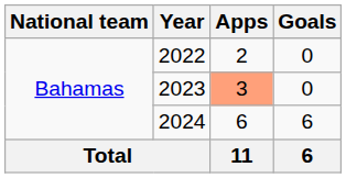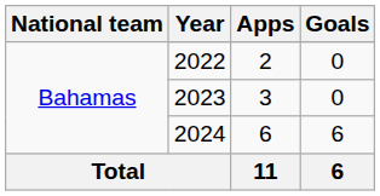 <table class="wikitable" style="text-align:center">
 <tr>
 <th>National team</th>
 <th>Year</th>
 <th>Apps</th>
 <th>Goals</th>
 </tr>
 <tr>
 <td rowspan=4><a href='#'>Bahamas</a></td>
 </tr>
 <tr>
 <td>2022</td>
 <td>2</td>
 <td>0</td>
 </tr>
 <tr>
 <td>2023</td>
-<td style="background: lightsalmon;">3</td>
+<td>3</td>
 <td>0</td>
 </tr>
 <tr>
 <td>2024</td>
 <td>6</td>
 <td>6</td>
 </tr>
 <tr>
 <th colspan=2>Total</th>
 <th>11</th>
 <th>6</th>
 </tr>
 </table>
